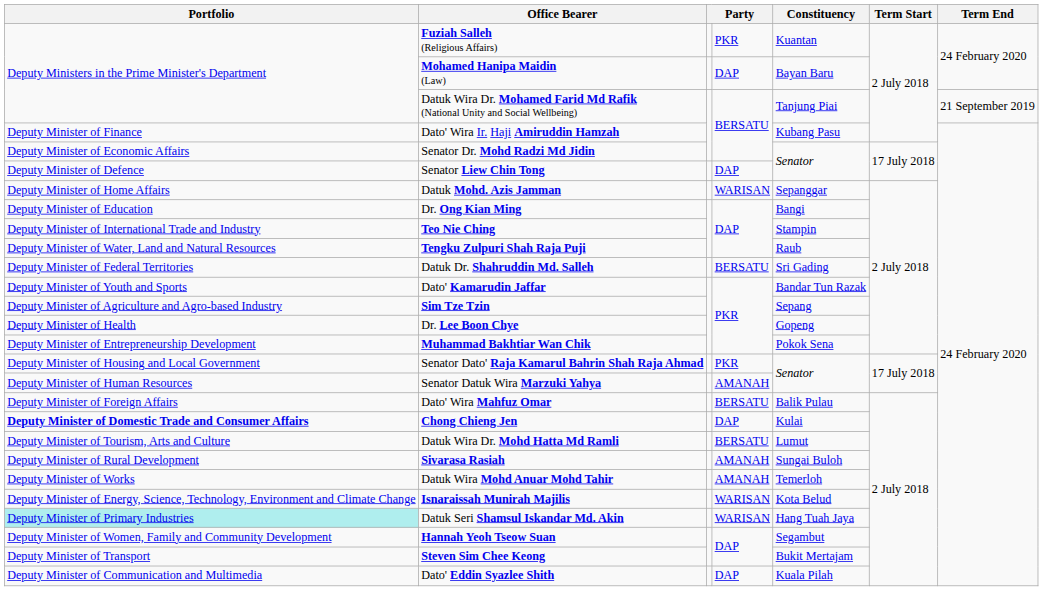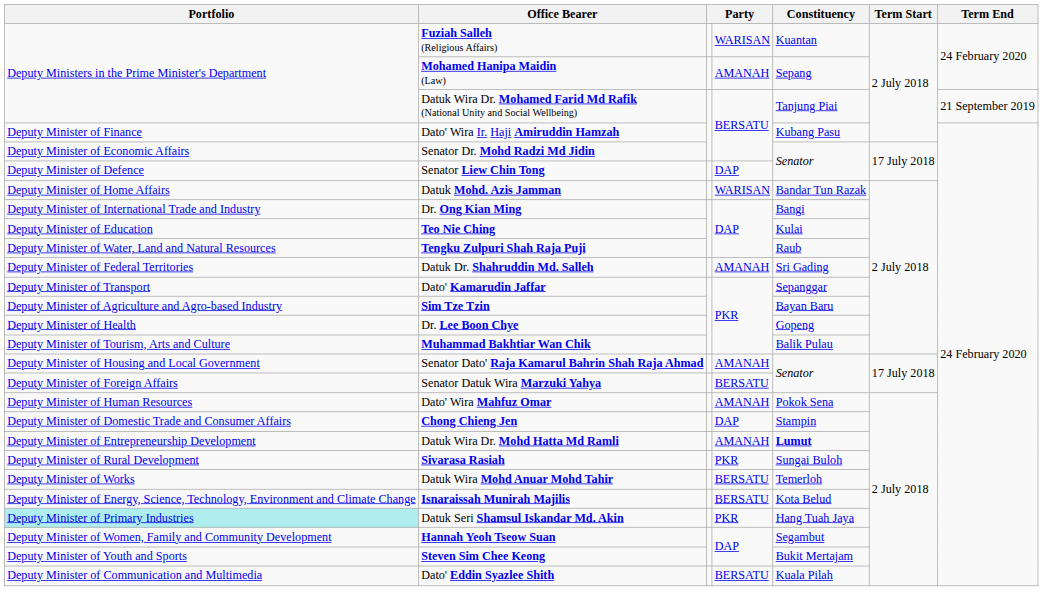 <table class="sortable wikitable">
 <tr>
 <th>Portfolio</th>
 <th>Office Bearer</th>
 <th colspan="2">Party</th>
 <th>Constituency</th>
 <th>Term Start</th>
 <th>Term End</th>
 </tr>
 <tr>
 <td rowspan="3"><a href='#'>Deputy Ministers in the Prime Minister's Department</a></td>
 <td><strong><a href='#'>Fuziah Salleh</a></strong> <br><small>(Religious Affairs)</small></td>
 <td></td>
-<td><a href='#'>PKR</a></td>
+<td><a href='#'>WARISAN</a></td>
 <td><a href='#'>Kuantan</a></td>
 <td rowspan="4">2 July 2018</td>
 <td rowspan="2">24 February 2020</td>
 </tr>
 <tr>
 <td><strong><a href='#'>Mohamed Hanipa Maidin</a></strong> <br><small>(Law)</small></td>
 <td></td>
-<td><a href='#'>DAP</a></td>
-<td><a href='#'>Bayan Baru</a></td>
+<td><a href='#'>AMANAH</a></td>
+<td><a href='#'>Sepang</a></td>
 </tr>
 <tr>
 <td>Datuk Wira Dr. <strong><a href='#'>Mohamed Farid Md Rafik</a></strong> <br><small>(National Unity and Social Wellbeing)</small></td>
 <td rowspan="3"></td>
 <td rowspan="3"><a href='#'>BERSATU</a></td>
 <td><a href='#'>Tanjung Piai</a></td>
 <td>21 September 2019</td>
 </tr>
 <tr>
 <td><a href='#'>Deputy Minister of Finance</a></td>
 <td>Dato' Wira <a href='#'>Ir.</a> <a href='#'>Haji</a> <strong><a href='#'>Amiruddin Hamzah</a></strong> </td>
 <td><a href='#'>Kubang Pasu</a></td>
 <td rowspan="24">24 February 2020</td>
 </tr>
 <tr>
 <td><a href='#'>Deputy Minister of Economic Affairs</a></td>
 <td>Senator Dr. <strong><a href='#'>Mohd Radzi Md Jidin</a></strong></td>
 <td rowspan="2"><em>Senator</em></td>
 <td rowspan="2">17 July 2018</td>
 </tr>
 <tr>
 <td><a href='#'>Deputy Minister of Defence</a></td>
 <td>Senator <strong><a href='#'>Liew Chin Tong</a></strong></td>
 <td></td>
 <td><a href='#'>DAP</a></td>
 </tr>
 <tr>
 <td><a href='#'>Deputy Minister of Home Affairs</a></td>
 <td>Datuk <strong><a href='#'>Mohd. Azis Jamman</a></strong> </td>
 <td></td>
 <td><a href='#'>WARISAN</a></td>
-<td><a href='#'>Sepanggar</a></td>
+<td><a href='#'>Bandar Tun Razak</a></td>
 <td rowspan="9">2 July 2018</td>
 </tr>
 <tr>
-<td><a href='#'>Deputy Minister of Education</a></td>
+<td><a href='#'>Deputy Minister of International Trade and Industry</a></td>
 <td>Dr. <strong><a href='#'>Ong Kian Ming</a></strong> </td>
 <td rowspan=3></td>
 <td rowspan="3"><a href='#'>DAP</a></td>
 <td><a href='#'>Bangi</a></td>
 </tr>
 <tr>
-<td><a href='#'>Deputy Minister of International Trade and Industry</a></td>
+<td><a href='#'>Deputy Minister of Education</a></td>
 <td><strong><a href='#'>Teo Nie Ching</a></strong> </td>
-<td><a href='#'>Stampin</a></td>
+<td><a href='#'>Kulai</a></td>
 </tr>
 <tr>
 <td><a href='#'>Deputy Minister of Water, Land and Natural Resources</a></td>
 <td><strong><a href='#'>Tengku Zulpuri Shah Raja Puji</a></strong> </td>
 <td><a href='#'>Raub</a></td>
 </tr>
 <tr>
 <td><a href='#'>Deputy Minister of Federal Territories</a></td>
 <td>Datuk Dr. <strong><a href='#'>Shahruddin Md. Salleh</a></strong> </td>
 <td></td>
-<td><a href='#'>BERSATU</a></td>
+<td><a href='#'>AMANAH</a></td>
 <td><a href='#'>Sri Gading</a></td>
 </tr>
 <tr>
-<td><a href='#'>Deputy Minister of Youth and Sports</a></td>
+<td><a href='#'>Deputy Minister of Transport</a></td>
 <td>Dato' <strong><a href='#'>Kamarudin Jaffar</a></strong> </td>
 <td rowspan=4></td>
 <td rowspan="4"><a href='#'>PKR</a></td>
-<td><a href='#'>Bandar Tun Razak</a></td>
+<td><a href='#'>Sepanggar</a></td>
 </tr>
 <tr>
 <td><a href='#'>Deputy Minister of Agriculture and Agro-based Industry</a></td>
 <td><strong><a href='#'>Sim Tze Tzin</a></strong> </td>
-<td><a href='#'>Sepang</a></td>
+<td><a href='#'>Bayan Baru</a></td>
 </tr>
 <tr>
 <td><a href='#'>Deputy Minister of Health</a></td>
 <td>Dr. <strong><a href='#'>Lee Boon Chye</a></strong> </td>
 <td><a href='#'>Gopeng</a></td>
 </tr>
 <tr>
-<td><a href='#'>Deputy Minister of Entrepreneurship Development</a></td>
+<td><a href='#'>Deputy Minister of Tourism, Arts and Culture</a></td>
 <td><strong><a href='#'>Muhammad Bakhtiar Wan Chik</a></strong> </td>
-<td><a href='#'>Pokok Sena</a></td>
+<td><a href='#'>Balik Pulau</a></td>
 </tr>
 <tr>
 <td><a href='#'>Deputy Minister of Housing and Local Government</a></td>
 <td>Senator Dato' <strong><a href='#'>Raja Kamarul Bahrin Shah Raja Ahmad</a></strong></td>
 <td></td>
-<td><a href='#'>PKR</a></td>
+<td><a href='#'>AMANAH</a></td>
 <td rowspan="2"><em>Senator</em></td>
 <td rowspan="2">17 July 2018</td>
 </tr>
 <tr>
-<td><a href='#'>Deputy Minister of Human Resources</a></td>
+<td><a href='#'>Deputy Minister of Foreign Affairs</a></td>
 <td>Senator Datuk Wira <strong><a href='#'>Marzuki Yahya</a></strong></td>
 <td></td>
-<td><a href='#'>AMANAH</a></td>
+<td><a href='#'>BERSATU</a></td>
 </tr>
 <tr>
-<td><a href='#'>Deputy Minister of Foreign Affairs</a></td>
+<td><a href='#'>Deputy Minister of Human Resources</a></td>
 <td>Dato' Wira <strong><a href='#'>Mahfuz Omar</a></strong> </td>
 <td></td>
-<td><a href='#'>BERSATU</a></td>
-<td><a href='#'>Balik Pulau</a></td>
+<td><a href='#'>AMANAH</a></td>
+<td><a href='#'>Pokok Sena</a></td>
 <td rowspan="10">2 July 2018</td>
 </tr>
 <tr>
-<td><strong><a href='#'>Deputy Minister of Domestic Trade and Consumer Affairs</a></strong></td>
+<td><a href='#'>Deputy Minister of Domestic Trade and Consumer Affairs</a></td>
 <td><strong><a href='#'>Chong Chieng Jen</a></strong> </td>
 <td></td>
 <td><a href='#'>DAP</a></td>
-<td><a href='#'>Kulai</a></td>
+<td><a href='#'>Stampin</a></td>
 </tr>
 <tr>
-<td><a href='#'>Deputy Minister of Tourism, Arts and Culture</a></td>
+<td><a href='#'>Deputy Minister of Entrepreneurship Development</a></td>
 <td>Datuk Wira Dr. <strong><a href='#'>Mohd Hatta Md Ramli</a></strong> </td>
 <td></td>
-<td><a href='#'>BERSATU</a></td>
-<td><a href='#'>Lumut</a></td>
+<td><a href='#'>AMANAH</a></td>
+<td><strong><a href='#'>Lumut</a></strong></td>
 </tr>
 <tr>
 <td><a href='#'>Deputy Minister of Rural Development</a></td>
 <td><strong><a href='#'>Sivarasa Rasiah</a></strong> </td>
 <td></td>
-<td><a href='#'>AMANAH</a></td>
+<td><a href='#'>PKR</a></td>
 <td><a href='#'>Sungai Buloh</a></td>
 </tr>
 <tr>
 <td><a href='#'>Deputy Minister of Works</a></td>
 <td>Datuk Wira <strong><a href='#'>Mohd Anuar Mohd Tahir</a></strong> </td>
 <td></td>
-<td><a href='#'>AMANAH</a></td>
+<td><a href='#'>BERSATU</a></td>
 <td><a href='#'>Temerloh</a></td>
 </tr>
 <tr>
 <td><a href='#'>Deputy Minister of Energy, Science, Technology, Environment and Climate Change</a></td>
 <td><strong><a href='#'>Isnaraissah Munirah Majilis</a></strong> </td>
 <td></td>
-<td><a href='#'>WARISAN</a></td>
+<td><a href='#'>BERSATU</a></td>
 <td><a href='#'>Kota Belud</a></td>
 </tr>
 <tr>
 <td style="background: paleturquoise;"><a href='#'>Deputy Minister of Primary Industries</a></td>
 <td>Datuk Seri <strong><a href='#'>Shamsul Iskandar Md. Akin</a></strong> </td>
 <td></td>
-<td><a href='#'>WARISAN</a></td>
+<td><a href='#'>PKR</a></td>
 <td><a href='#'>Hang Tuah Jaya</a></td>
 </tr>
 <tr>
 <td><a href='#'>Deputy Minister of Women, Family and Community Development</a></td>
 <td><strong><a href='#'>Hannah Yeoh Tseow Suan</a></strong> </td>
 <td rowspan=2></td>
 <td rowspan="2"><a href='#'>DAP</a></td>
 <td><a href='#'>Segambut</a></td>
 </tr>
 <tr>
-<td><a href='#'>Deputy Minister of Transport</a></td>
+<td><a href='#'>Deputy Minister of Youth and Sports</a></td>
 <td><strong><a href='#'>Steven Sim Chee Keong</a></strong> </td>
 <td><a href='#'>Bukit Mertajam</a></td>
 </tr>
 <tr>
 <td><a href='#'>Deputy Minister of Communication and Multimedia</a></td>
 <td>Dato' <strong><a href='#'>Eddin Syazlee Shith</a></strong> </td>
 <td></td>
-<td><a href='#'>DAP</a></td>
+<td><a href='#'>BERSATU</a></td>
 <td><a href='#'>Kuala Pilah</a></td>
 </tr>
 </table>
